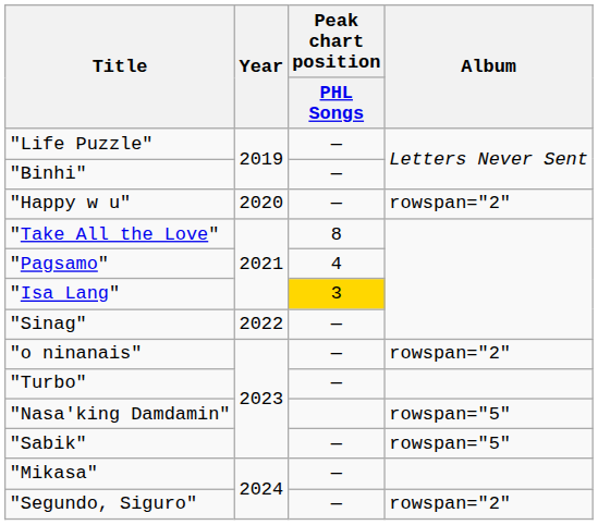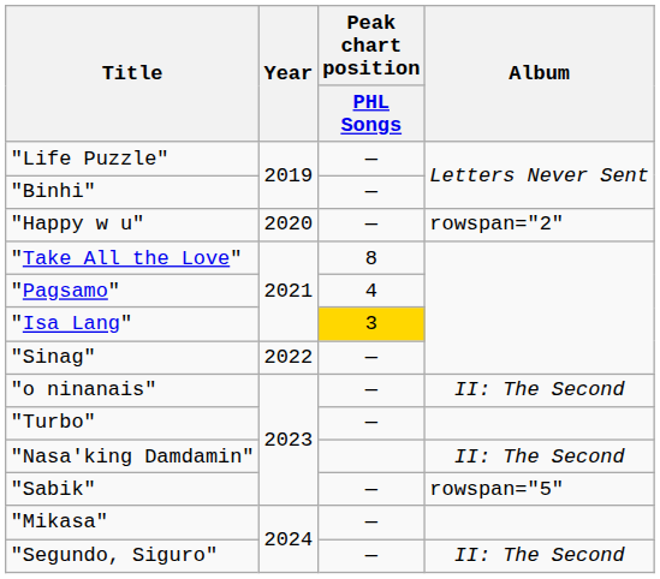 <table class="wikitable">
 <tr>
 <th scope="col" rowspan="2">Title</th>
 <th scope="col" rowspan="2">Year</th>
 <th style="width:10px;"scope="col">Peak chart position</th>
 <th scope="col" rowspan="2">Album</th>
 </tr>
 <tr>
 <th><a href='#'>PHL Songs</a></th>
 </tr>
 <tr>
 <td>"Life Puzzle"</td>
 <td rowspan="2" style="text-align:center">2019</td>
 <td style="text-align:center">—</td>
 <td rowspan="2"><em>Letters Never Sent</em></td>
 </tr>
 <tr>
 <td>"Binhi"</td>
 <td style="text-align:center">—</td>
 </tr>
 <tr>
 <td>"Happy w u"<br></td>
 <td>2020</td>
 <td style="text-align:center">—</td>
 <td>rowspan="2" </td>
 </tr>
 <tr>
 <td>"<a href='#'>Take All the Love</a>"</td>
 <td rowspan="3" style="text-align:center">2021</td>
 <td style="text-align:center">8</td>
 </tr>
 <tr>
 <td>"<a href='#'>Pagsamo</a>"</td>
 <td style="text-align:center">4</td>
 </tr>
 <tr>
 <td>"<a href='#'>Isa Lang</a>"</td>
 <td style="background: gold; text-align:center">3</td>
 </tr>
 <tr>
 <td>"Sinag"<br></td>
 <td>2022</td>
 <td style="text-align:center">—</td>
 </tr>
 <tr>
 <td>"o ninanais"</td>
 <td rowspan="4" style="text-align:center">2023</td>
 <td style="text-align:center">—</td>
-<td>rowspan="2" </td>
+<td style="text-align:center"><em>II: The Second</em></td>
 </tr>
 <tr>
 <td>"Turbo"<br></td>
 <td style="text-align:center">—</td>
 <td></td>
 </tr>
 <tr>
 <td>"Nasa'king Damdamin"</td>
 <td style="text-align:center"></td>
-<td>rowspan="5" </td>
+<td style="text-align:center"><em>II: The Second</em></td>
 </tr>
 <tr>
 <td>"Sabik"<br></td>
 <td style="text-align:center">—</td>
 <td>rowspan="5" </td>
 </tr>
 <tr>
 <td>"Mikasa"<br></td>
 <td rowspan="2" style="text-align:center">2024</td>
 <td style="text-align:center">—</td>
 </tr>
 <tr>
 <td>"Segundo, Siguro"</td>
 <td style="text-align:center">—</td>
-<td>rowspan="2" </td>
+<td style="text-align:center"><em>II: The Second</em></td>
 </tr>
 </table>
